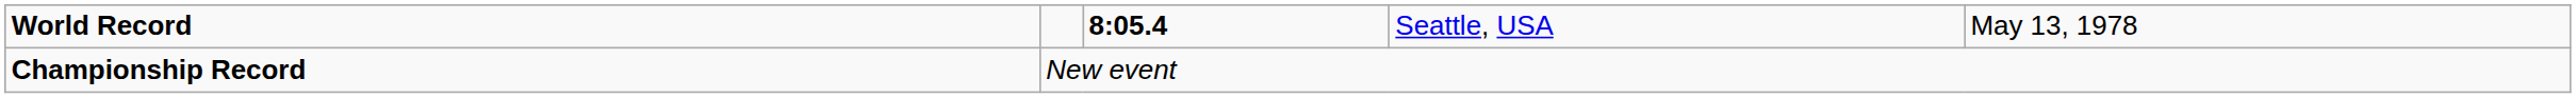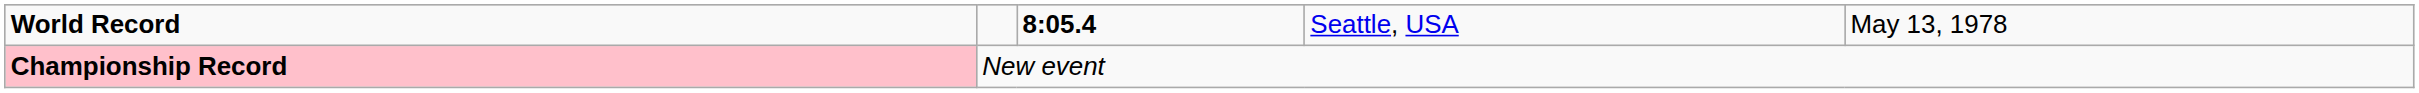 <table class="wikitable" width=75%>
 <tr>
 <td><strong>World Record</strong></td>
 <td></td>
 <td><strong>8:05.4</strong></td>
 <td><a href='#'>Seattle</a>, <a href='#'>USA</a></td>
 <td>May 13, 1978</td>
 </tr>
 <tr>
-<td><strong>Championship Record</strong></td>
+<td style="background: pink;"><strong>Championship Record</strong></td>
 <td colspan="4"><em>New event</em></td>
 </tr>
 </table>
